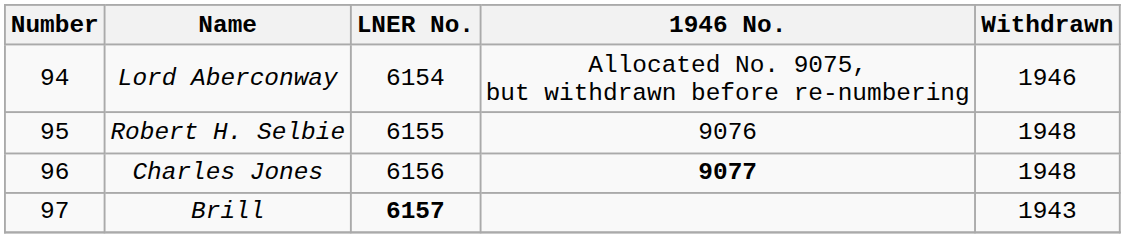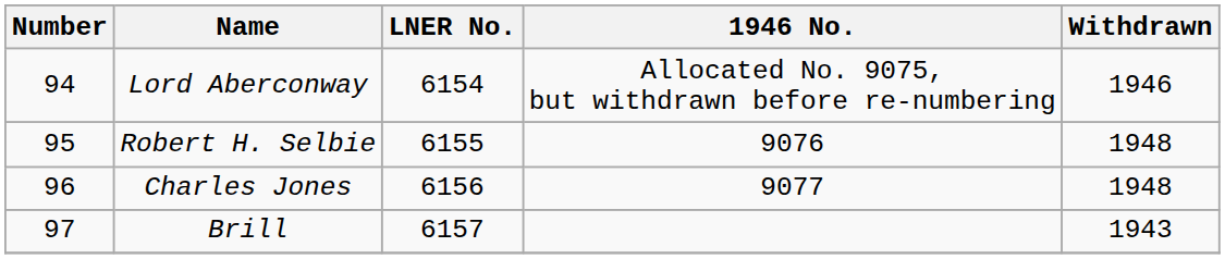 <table class=wikitable style=text-align:center>
 <tr>
 <th>Number</th>
 <th>Name</th>
 <th>LNER No.</th>
 <th>1946 No.</th>
 <th>Withdrawn</th>
 </tr>
 <tr>
 <td>94</td>
 <td><em>Lord Aberconway</em></td>
 <td>6154</td>
 <td>Allocated No. 9075, <br> but withdrawn before re-numbering</td>
 <td>1946</td>
 </tr>
 <tr>
 <td>95</td>
 <td><em>Robert H. Selbie</em></td>
 <td>6155</td>
 <td>9076</td>
 <td>1948</td>
 </tr>
 <tr>
 <td>96</td>
 <td><em>Charles Jones</em></td>
 <td>6156</td>
-<td><strong>9077</strong></td>
+<td>9077</td>
 <td>1948</td>
 </tr>
 <tr>
 <td>97</td>
 <td><em>Brill</em></td>
-<td><strong>6157</strong></td>
+<td>6157</td>
 <td></td>
 <td>1943</td>
 </tr>
 <tr>
 </tr>
 </table>
